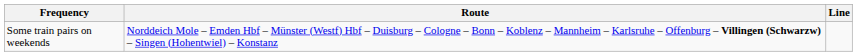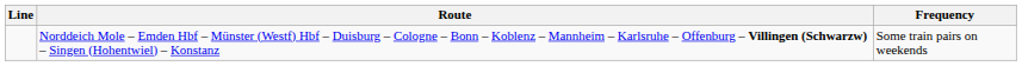 <table class="wikitable">
 <tr style="background-color:#e3e3e3;">
+<th>Line</th>
+<th>Route</th>
 <th>Frequency</th>
-<th>Route</th>
-<th>Line</th>
 </tr>
 <tr>
+<td align="center"></td>
+<td><a href='#'>Norddeich Mole</a> – <a href='#'>Emden Hbf</a> – <a href='#'>Münster (Westf) Hbf</a> – <a href='#'>Duisburg</a> – <a href='#'>Cologne</a> – <a href='#'>Bonn</a> – <a href='#'>Koblenz</a> – <a href='#'>Mannheim</a> – <a href='#'>Karlsruhe</a> – <a href='#'>Offenburg</a> – <strong>Villingen (Schwarzw)</strong> – <a href='#'>Singen (Hohentwiel)</a> – <a href='#'>Konstanz</a></td>
 <td>Some train pairs on weekends</td>
-<td><a href='#'>Norddeich Mole</a> – <a href='#'>Emden Hbf</a> – <a href='#'>Münster (Westf) Hbf</a> – <a href='#'>Duisburg</a> – <a href='#'>Cologne</a> – <a href='#'>Bonn</a> – <a href='#'>Koblenz</a> – <a href='#'>Mannheim</a> – <a href='#'>Karlsruhe</a> – <a href='#'>Offenburg</a> – <strong>Villingen (Schwarzw)</strong> – <a href='#'>Singen (Hohentwiel)</a> – <a href='#'>Konstanz</a></td>
-<td align="center"></td>
 </tr>
 </table>
